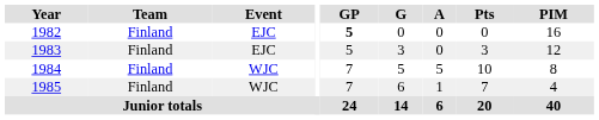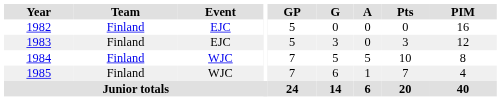 <table border="0" cellpadding="1" cellspacing="0" ID="Table3" style="text-align:center; width:40em">
 <tr bgcolor="#e0e0e0">
 <th>Year</th>
 <th>Team</th>
 <th>Event</th>
 <th rowspan="102" bgcolor="#ffffff"></th>
 <th>GP</th>
 <th>G</th>
 <th>A</th>
 <th>Pts</th>
 <th>PIM</th>
 </tr>
 <tr>
 <td><a href='#'>1982</a></td>
 <td><a href='#'>Finland</a></td>
 <td><a href='#'>EJC</a></td>
-<td><strong>5</strong></td>
+<td>5</td>
 <td>0</td>
 <td>0</td>
 <td>0</td>
 <td>16</td>
 </tr>
 <tr bgcolor="#f0f0f0">
 <td><a href='#'>1983</a></td>
 <td>Finland</td>
 <td>EJC</td>
 <td>5</td>
 <td>3</td>
 <td>0</td>
 <td>3</td>
 <td>12</td>
 </tr>
 <tr>
 <td><a href='#'>1984</a></td>
 <td><a href='#'>Finland</a></td>
 <td><a href='#'>WJC</a></td>
 <td>7</td>
 <td>5</td>
 <td>5</td>
 <td>10</td>
 <td>8</td>
 </tr>
 <tr bgcolor="#f0f0f0">
 <td><a href='#'>1985</a></td>
 <td>Finland</td>
 <td>WJC</td>
 <td>7</td>
 <td>6</td>
 <td>1</td>
 <td>7</td>
 <td>4</td>
 </tr>
 <tr bgcolor="#e0e0e0">
 <th colspan="4">Junior totals</th>
 <th>24</th>
 <th>14</th>
 <th>6</th>
 <th>20</th>
 <th>40</th>
 </tr>
 </table>
